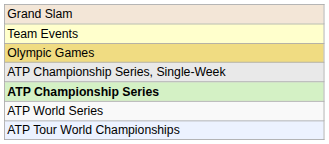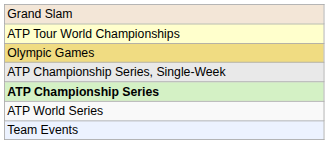 <table class="wikitable" style="font-size:90%;" width=19%>
 <tr bgcolor="#F3E6D7">
 <td>Grand Slam</td>
 </tr>
 <tr bgcolor="#FFFFCC">
-<td>Team Events</td>
+<td>ATP Tour World Championships</td>
 </tr>
 <tr style="background:#F0DC82;">
 <td>Olympic Games</td>
 </tr>
 <tr style="background:#E9E9E9;">
 <td>ATP Championship Series, Single-Week</td>
 </tr>
 <tr bgcolor="#D4F1C5">
 <td><strong>ATP Championship Series</strong></td>
 </tr>
 <tr bgcolor=>
 <td>ATP World Series</td>
 </tr>
 <tr bgcolor="#ECF2FF">
-<td>ATP Tour World Championships</td>
+<td>Team Events</td>
 </tr>
 </table>
